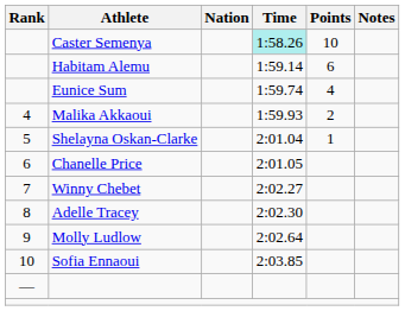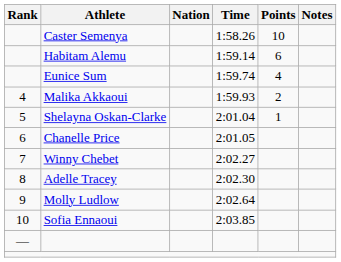 <table class="wikitable mw-datatable sortable" style="text-align:center;">
 <tr>
 <th>Rank</th>
 <th>Athlete</th>
 <th>Nation</th>
 <th>Time</th>
 <th>Points</th>
 <th>Notes</th>
 </tr>
 <tr>
 <td></td>
 <td align=left><a href='#'>Caster Semenya</a></td>
 <td align=left></td>
-<td style="background: paleturquoise;">1:58.26</td>
+<td>1:58.26</td>
 <td>10</td>
 <td></td>
 </tr>
 <tr>
 <td></td>
 <td align=left><a href='#'>Habitam Alemu</a></td>
 <td align=left></td>
 <td>1:59.14</td>
 <td>6</td>
 <td></td>
 </tr>
 <tr>
 <td></td>
 <td align=left><a href='#'>Eunice Sum</a></td>
 <td align=left></td>
 <td>1:59.74</td>
 <td>4</td>
 <td></td>
 </tr>
 <tr>
 <td>4</td>
 <td align=left><a href='#'>Malika Akkaoui</a></td>
 <td align=left></td>
 <td>1:59.93</td>
 <td>2</td>
 <td></td>
 </tr>
 <tr>
 <td>5</td>
 <td align=left><a href='#'>Shelayna Oskan-Clarke</a></td>
 <td align=left></td>
 <td>2:01.04</td>
 <td>1</td>
 <td></td>
 </tr>
 <tr>
 <td>6</td>
 <td align=left><a href='#'>Chanelle Price</a></td>
 <td align=left></td>
 <td>2:01.05</td>
 <td></td>
 <td></td>
 </tr>
 <tr>
 <td>7</td>
 <td align=left><a href='#'>Winny Chebet</a></td>
 <td align=left></td>
 <td>2:02.27</td>
 <td></td>
 <td></td>
 </tr>
 <tr>
 <td>8</td>
 <td align=left><a href='#'>Adelle Tracey</a></td>
 <td align=left></td>
 <td>2:02.30</td>
 <td></td>
 <td></td>
 </tr>
 <tr>
 <td>9</td>
 <td align=left><a href='#'>Molly Ludlow</a></td>
 <td align=left></td>
 <td>2:02.64</td>
 <td></td>
 <td></td>
 </tr>
 <tr>
 <td>10</td>
 <td align=left><a href='#'>Sofia Ennaoui</a></td>
 <td align=left></td>
 <td>2:03.85</td>
 <td></td>
 <td></td>
 </tr>
 <tr>
 <td>—</td>
 <td align=left></td>
 <td align=left></td>
 <td></td>
 <td></td>
 <td></td>
 </tr>
 <tr class="sortbottom">
 <td colspan=6></td>
 </tr>
 </table>
